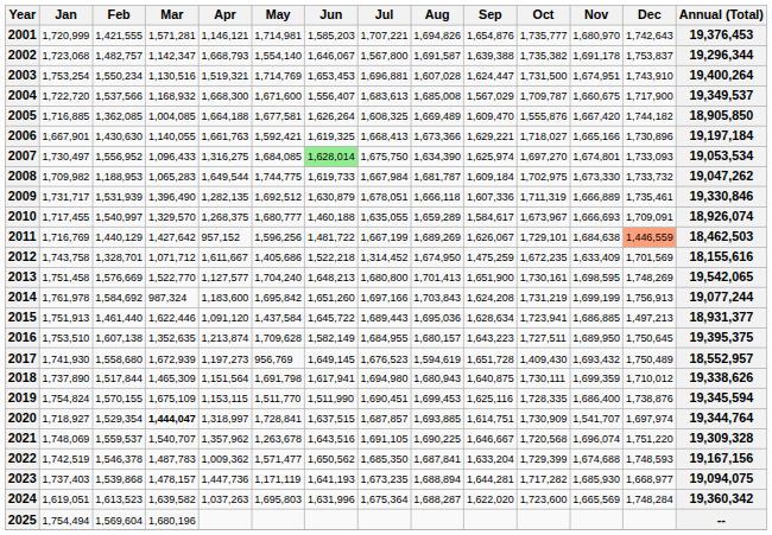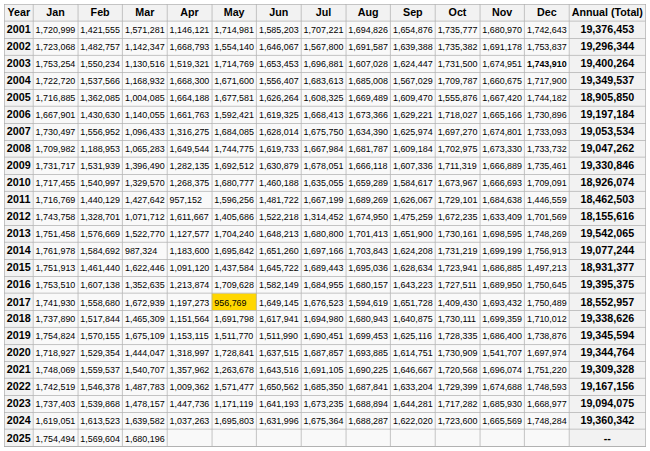 <table class="wikitable">
 <tr>
 <th>Year</th>
 <th>Jan</th>
 <th>Feb</th>
 <th>Mar</th>
 <th>Apr</th>
 <th>May</th>
 <th>Jun</th>
 <th>Jul</th>
 <th>Aug</th>
 <th>Sep</th>
 <th>Oct</th>
 <th>Nov</th>
 <th>Dec</th>
 <th>Annual (Total)</th>
 </tr>
 <tr>
 <th>2001</th>
 <td><small>1,720,999</small></td>
 <td><small>1,421,555</small></td>
 <td><small>1,571,281</small></td>
 <td><small>1,146,121</small></td>
 <td><small>1,714,981</small></td>
 <td><small>1,585,203</small></td>
 <td><small>1,707,221</small></td>
 <td><small>1,694,826</small></td>
 <td><small>1,654,876</small></td>
 <td><small>1,735,777</small></td>
 <td><small>1,680,970</small></td>
 <td><small>1,742,643</small></td>
 <th>19,376,453</th>
 </tr>
 <tr>
 <th>2002</th>
 <td><small>1,723,068</small></td>
 <td><small>1,482,757</small></td>
 <td><small>1,142,347</small></td>
 <td><small>1,668,793</small></td>
 <td><small>1,554,140</small></td>
 <td><small>1,646,067</small></td>
 <td><small>1,567,800</small></td>
 <td><small>1,691,587</small></td>
 <td><small>1,639,388</small></td>
 <td><small>1,735,382</small></td>
 <td><small>1,691,178</small></td>
 <td><small>1,753,837</small></td>
 <th>19,296,344</th>
 </tr>
 <tr>
 <th>2003</th>
 <td><small>1,753,254</small></td>
 <td><small>1,550,234</small></td>
 <td><small>1,130,516</small></td>
 <td><small>1,519,321</small></td>
 <td><small>1,714,769</small></td>
 <td><small>1,653,453</small></td>
 <td><small>1,696,881</small></td>
 <td><small>1,607,028</small></td>
 <td><small>1,624,447</small></td>
 <td><small>1,731,500</small></td>
 <td><small>1,674,951</small></td>
-<td><small>1,743,910</small></td>
+<td><strong><small>1,743,910</small></strong></td>
 <th>19,400,264</th>
 </tr>
 <tr>
 <th>2004</th>
 <td><small>1,722,720</small></td>
 <td><small>1,537,566</small></td>
 <td><small>1,168,932</small></td>
 <td><small>1,668,300</small></td>
 <td><small>1,671,600</small></td>
 <td><small>1,556,407</small></td>
 <td><small>1,683,613</small></td>
 <td><small>1,685,008</small></td>
 <td><small>1,567,029</small></td>
 <td><small>1,709,787</small></td>
 <td><small>1,660,675</small></td>
 <td><small>1,717,900</small></td>
 <th>19,349,537</th>
 </tr>
 <tr>
 <th>2005</th>
 <td><small>1,716,885</small></td>
 <td><small>1,362,085</small></td>
 <td><small>1,004,085</small></td>
 <td><small>1,664,188</small></td>
 <td><small>1,677,581</small></td>
 <td><small>1,626,264</small></td>
 <td><small>1,608,325</small></td>
 <td><small>1,669,489</small></td>
 <td><small>1,609,470</small></td>
 <td><small>1,555,876</small></td>
 <td><small>1,667,420</small></td>
 <td><small>1,744,182</small></td>
 <th>18,905,850</th>
 </tr>
 <tr>
 <th>2006</th>
 <td><small>1,667,901</small></td>
 <td><small>1,430,630</small></td>
 <td><small>1,140,055</small></td>
 <td><small>1,661,763</small></td>
 <td><small>1,592,421</small></td>
 <td><small>1,619,325</small></td>
 <td><small>1,668,413</small></td>
 <td><small>1,673,366</small></td>
 <td><small>1,629,221</small></td>
 <td><small>1,718,027</small></td>
 <td><small>1,665,166</small></td>
 <td><small>1,730,896</small></td>
 <th>19,197,184</th>
 </tr>
 <tr>
 <th>2007</th>
 <td><small>1,730,497</small></td>
 <td><small>1,556,952</small></td>
 <td><small>1,096,433</small></td>
 <td><small>1,316,275</small></td>
 <td><small>1,684,085</small></td>
-<td style="background: lightgreen;"><small>1,628,014</small></td>
+<td><small>1,628,014</small></td>
 <td><small>1,675,750</small></td>
 <td><small>1,634,390</small></td>
 <td><small>1,625,974</small></td>
 <td><small>1,697,270</small></td>
 <td><small>1,674,801</small></td>
 <td><small>1,733,093</small></td>
 <th>19,053,534</th>
 </tr>
 <tr>
 <th>2008</th>
 <td><small>1,709,982</small></td>
 <td><small>1,188,953</small></td>
 <td><small>1,065,283</small></td>
 <td><small>1,649,544</small></td>
 <td><small>1,744,775</small></td>
 <td><small>1,619,733</small></td>
 <td><small>1,667,984</small></td>
 <td><small>1,681,787</small></td>
 <td><small>1,609,184</small></td>
 <td><small>1,702,975</small></td>
 <td><small>1,673,330</small></td>
 <td><small>1,733,732</small></td>
 <th>19,047,262</th>
 </tr>
 <tr>
 <th>2009</th>
 <td><small>1,731,717</small></td>
 <td><small>1,531,939</small></td>
 <td><small>1,396,490</small></td>
 <td><small>1,282,135</small></td>
 <td><small>1,692,512</small></td>
 <td><small>1,630,879</small></td>
 <td><small>1,678,051</small></td>
 <td><small>1,666,118</small></td>
 <td><small>1,607,336</small></td>
 <td><small>1,711,319</small></td>
 <td><small>1,666,889</small></td>
 <td><small>1,735,461</small></td>
 <th>19,330,846</th>
 </tr>
 <tr>
 <th>2010</th>
 <td><small>1,717,455</small></td>
 <td><small>1,540,997</small></td>
 <td><small>1,329,570</small></td>
 <td><small>1,268,375</small></td>
 <td><small>1,680,777</small></td>
 <td><small>1,460,188</small></td>
 <td><small>1,635,055</small></td>
 <td><small>1,659,289</small></td>
 <td><small>1,584,617</small></td>
 <td><small>1,673,967</small></td>
 <td><small>1,666,693</small></td>
 <td><small>1,709,091</small></td>
 <th>18,926,074</th>
 </tr>
 <tr>
 <th>2011</th>
 <td><small>1,716,769</small></td>
 <td><small>1,440,129</small></td>
 <td><small>1,427,642</small></td>
 <td><small>957,152</small></td>
 <td><small>1,596,256</small></td>
 <td><small>1,481,722</small></td>
 <td><small>1,667,199</small></td>
 <td><small>1,689,269</small></td>
 <td><small>1,626,067</small></td>
 <td><small>1,729,101</small></td>
 <td><small>1,684,638</small></td>
-<td style="background: lightsalmon;"><small>1,446,559</small></td>
+<td><small>1,446,559</small></td>
 <th>18,462,503</th>
 </tr>
 <tr>
 <th>2012</th>
 <td><small>1,743,758</small></td>
 <td><small>1,328,701</small></td>
 <td><small>1,071,712</small></td>
 <td><small>1,611,667</small></td>
 <td><small>1,405,686</small></td>
 <td><small>1,522,218</small></td>
 <td><small>1,314,452</small></td>
 <td><small>1,674,950</small></td>
 <td><small>1,475,259</small></td>
 <td><small>1,672,235</small></td>
 <td><small>1,633,409</small></td>
 <td><small>1,701,569</small></td>
 <th>18,155,616</th>
 </tr>
 <tr>
 <th>2013</th>
 <td><small>1,751,458</small></td>
 <td><small>1,576,669</small></td>
 <td><small>1,522,770</small></td>
 <td><small>1,127,577</small></td>
 <td><small>1,704,240</small></td>
 <td><small>1,648,213</small></td>
 <td><small>1,680,800</small></td>
 <td><small>1,701,413</small></td>
 <td><small>1,651,900</small></td>
 <td><small>1,730,161</small></td>
 <td><small>1,698,595</small></td>
 <td><small>1,748,269</small></td>
 <th>19,542,065</th>
 </tr>
 <tr>
 <th>2014</th>
 <td><small>1,761,978</small></td>
 <td><small>1,584,692</small></td>
 <td><small>987,324</small></td>
 <td><small>1,183,600</small></td>
 <td><small>1,695,842</small></td>
 <td><small>1,651,260</small></td>
 <td><small>1,697,166</small></td>
 <td><small>1,703,843</small></td>
 <td><small>1,624,208</small></td>
 <td><small>1,731,219</small></td>
 <td><small>1,699,199</small></td>
 <td><small>1,756,913</small></td>
 <th>19,077,244</th>
 </tr>
 <tr>
 <th>2015</th>
 <td><small>1,751,913</small></td>
 <td><small>1,461,440</small></td>
 <td><small>1,622,446</small></td>
 <td><small>1,091,120</small></td>
 <td><small>1,437,584</small></td>
 <td><small>1,645,722</small></td>
 <td><small>1,689,443</small></td>
 <td><small>1,695,036</small></td>
 <td><small>1,628,634</small></td>
 <td><small>1,723,941</small></td>
 <td><small>1,686,885</small></td>
 <td><small>1,497,213</small></td>
 <th>18,931,377</th>
 </tr>
 <tr>
 <th>2016</th>
 <td><small>1,753,510</small></td>
 <td><small>1,607,138</small></td>
 <td><small>1,352,635</small></td>
 <td><small>1,213,874</small></td>
 <td><small>1,709,628</small></td>
 <td><small>1,582,149</small></td>
 <td><small>1,684,955</small></td>
 <td><small>1,680,157</small></td>
 <td><small>1,643,223</small></td>
 <td><small>1,727,511</small></td>
 <td><small>1,689,950</small></td>
 <td><small>1,750,645</small></td>
 <th>19,395,375</th>
 </tr>
 <tr>
 <th>2017</th>
 <td><small>1,741,930</small></td>
 <td><small>1,558,680</small></td>
 <td><small>1,672,939</small></td>
 <td><small>1,197,273</small></td>
-<td><small>956,769</small></td>
+<td style="background: gold;"><small>956,769</small></td>
 <td><small>1,649,145</small></td>
 <td><small>1,676,523</small></td>
 <td><small>1,594,619</small></td>
 <td><small>1,651,728</small></td>
 <td><small>1,409,430</small></td>
 <td><small>1,693,432</small></td>
 <td><small>1,750,489</small></td>
 <th>18,552,957</th>
 </tr>
 <tr>
 <th>2018</th>
 <td><small>1,737,890</small></td>
 <td><small>1,517,844</small></td>
 <td><small>1,465,309</small></td>
 <td><small>1,151,564</small></td>
 <td><small>1,691,798</small></td>
 <td><small>1,617,941</small></td>
 <td><small>1,694,980</small></td>
 <td><small>1,680,943</small></td>
 <td><small>1,640,875</small></td>
 <td><small>1,730,111</small></td>
 <td><small>1,699,359</small></td>
 <td><small>1,710,012</small></td>
 <th>19,338,626</th>
 </tr>
 <tr>
 <th>2019</th>
 <td><small>1,754,824</small></td>
 <td><small>1,570,155</small></td>
 <td><small>1,675,109</small></td>
 <td><small>1,153,115</small></td>
 <td><small>1,511,770</small></td>
 <td><small>1,511,990</small></td>
 <td><small>1,690,451</small></td>
 <td><small>1,699,453</small></td>
 <td><small>1,625,116</small></td>
 <td><small>1,728,335</small></td>
 <td><small>1,686,400</small></td>
 <td><small>1,738,876</small></td>
 <th>19,345,594</th>
 </tr>
 <tr>
 <th>2020</th>
 <td><small>1,718,927</small></td>
 <td><small>1,529,354</small></td>
-<td><strong><small>1,444,047</small></strong></td>
+<td><small>1,444,047</small></td>
 <td><small>1,318,997</small></td>
 <td><small>1,728,841</small></td>
 <td><small>1,637,515</small></td>
 <td><small>1,687,857</small></td>
 <td><small>1,693,885</small></td>
 <td><small>1,614,751</small></td>
 <td><small>1,730,909</small></td>
 <td><small>1,541,707</small></td>
 <td><small>1,697,974</small></td>
 <th>19,344,764</th>
 </tr>
 <tr>
 <th>2021</th>
 <td><small>1,748,069</small></td>
 <td><small>1,559,537</small></td>
 <td><small>1,540,707</small></td>
 <td><small>1,357,962</small></td>
 <td><small>1,263,678</small></td>
 <td><small>1,643,516</small></td>
 <td><small>1,691,105</small></td>
 <td><small>1,690,225</small></td>
 <td><small>1,646,667</small></td>
 <td><small>1,720,568</small></td>
 <td><small>1,696,074</small></td>
 <td><small>1,751,220</small></td>
 <th>19,309,328</th>
 </tr>
 <tr>
 <th>2022</th>
 <td><small>1,742,519</small></td>
 <td><small>1,546,378</small></td>
 <td><small>1,487,783</small></td>
 <td><small>1,009,362</small></td>
 <td><small>1,571,477</small></td>
 <td><small>1,650,562</small></td>
 <td><small>1,685,350</small></td>
 <td><small>1,687,841</small></td>
 <td><small>1,633,204</small></td>
 <td><small>1,729,399</small></td>
 <td><small>1,674,688</small></td>
 <td><small>1,748,593</small></td>
 <th>19,167,156</th>
 </tr>
 <tr>
 <th>2023</th>
 <td><small>1,737,403</small></td>
 <td><small>1,539,868</small></td>
 <td><small>1,478,157</small></td>
 <td><small>1,447,736</small></td>
 <td><small>1,171,119</small></td>
 <td><small>1,641,193</small></td>
 <td><small>1,673,235</small></td>
 <td><small>1,688,894</small></td>
 <td><small>1,644,281</small></td>
 <td><small>1,717,282</small></td>
 <td><small>1,685,930</small></td>
 <td><small>1,668,977</small></td>
 <th>19,094,075</th>
 </tr>
 <tr>
 <th>2024</th>
 <td><small>1,619,051</small></td>
 <td><small>1,613,523</small></td>
 <td><small>1,639,582</small></td>
 <td><small>1,037,263</small></td>
 <td><small>1,695,803</small></td>
 <td><small>1,631,996</small></td>
 <td><small>1,675,364</small></td>
 <td><small>1,688,287</small></td>
 <td><small>1,622,020</small></td>
 <td><small>1,723,600</small></td>
 <td><small>1,665,569</small></td>
 <td><small>1,748,284</small></td>
 <th>19,360,342</th>
 </tr>
 <tr>
 <th>2025</th>
 <td><small>1,754,494</small></td>
 <td><small>1,569,604</small></td>
 <td><small>1,680,196</small></td>
 <td><small></small></td>
 <td><small></small></td>
 <td><small></small></td>
 <td><small></small></td>
 <td><small></small></td>
 <td><small></small></td>
 <td><small></small></td>
 <td><small></small></td>
 <td><small></small></td>
 <th>--</th>
 </tr>
 <tr>
 </tr>
 </table>
